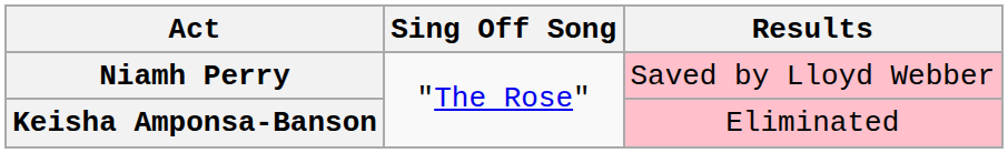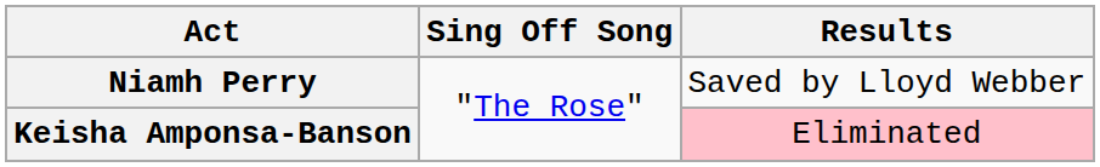 <table class="wikitable plainrowheaders" style="text-align:center;">
 <tr>
 <th scope="col">Act</th>
 <th scope="col">Sing Off Song</th>
 <th scope="col">Results</th>
 </tr>
 <tr>
 <th scope="row">Niamh Perry</th>
 <td rowspan="2">"<a href='#'>The Rose</a>"</td>
-<td style="background: pink;">Saved by Lloyd Webber</td>
+<td>Saved by Lloyd Webber</td>
 </tr>
 <tr>
 <th scope="row">Keisha Amponsa-Banson</th>
 <td style="background:pink;">Eliminated</td>
 </tr>
 </table>
